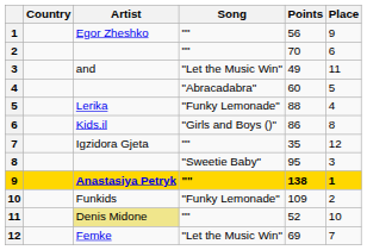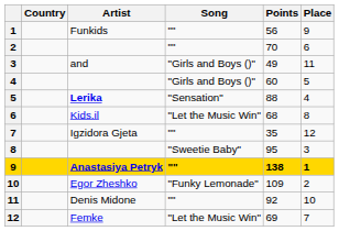 <table class="sortable wikitable plainrowheaders">
 <tr>
 <th scope="col"></th>
 <th scope="col">Country</th>
 <th scope="col">Artist</th>
 <th scope="col">Song</th>
 <th scope="col">Points</th>
 <th scope="col">Place</th>
 </tr>
 <tr>
 <th scope="row" style="text-align:center;">1</th>
 <td></td>
-<td><a href='#'>Egor Zheshko</a></td>
+<td>Funkids</td>
 <td>""</td>
 <td>56</td>
 <td>9</td>
 </tr>
 <tr>
 <th scope="row" style="text-align:center;">2</th>
 <td></td>
 <td></td>
 <td>""</td>
 <td>70</td>
 <td>6</td>
 </tr>
 <tr>
 <th scope="row" style="text-align:center;">3</th>
 <td></td>
 <td> and </td>
-<td>"Let the Music Win"</td>
+<td>"Girls and Boys ()"</td>
 <td>49</td>
 <td>11</td>
 </tr>
 <tr>
 <th scope="row" style="text-align:center;">4</th>
 <td></td>
 <td></td>
-<td>"Abracadabra"</td>
+<td>"Girls and Boys ()"</td>
 <td>60</td>
 <td>5</td>
 </tr>
 <tr>
 <th scope="row" style="text-align:center;">5</th>
 <td></td>
-<td><a href='#'>Lerika</a></td>
-<td>"Funky Lemonade"</td>
+<td><strong><a href='#'>Lerika</a></strong></td>
+<td>"Sensation"</td>
 <td>88</td>
 <td>4</td>
 </tr>
 <tr>
 <th scope="row" style="text-align:center;">6</th>
 <td></td>
 <td><a href='#'>Kids.il</a></td>
-<td>"Girls and Boys ()"</td>
-<td>86</td>
+<td>"Let the Music Win"</td>
+<td>68</td>
 <td>8</td>
 </tr>
 <tr>
 <th scope="row" style="text-align:center;">7</th>
 <td></td>
 <td>Igzidora Gjeta</td>
 <td>""</td>
 <td>35</td>
 <td>12</td>
 </tr>
 <tr>
 <th scope="row" style="text-align:center;">8</th>
 <td></td>
 <td></td>
 <td>"Sweetie Baby"</td>
 <td>95</td>
 <td>3</td>
 </tr>
 <tr style="font-weight:bold; background:gold;">
 <th scope="row" style="text-align:center; font-weight:bold; background:gold;">9</th>
 <td></td>
 <td><a href='#'>Anastasiya Petryk</a></td>
 <td>""</td>
 <td>138</td>
 <td>1</td>
 </tr>
 <tr>
 <th scope="row" style="text-align:center;">10</th>
 <td></td>
-<td>Funkids</td>
+<td><a href='#'>Egor Zheshko</a></td>
 <td>"Funky Lemonade"</td>
 <td>109</td>
 <td>2</td>
 </tr>
 <tr>
 <th scope="row" style="text-align:center;">11</th>
 <td></td>
-<td style="background: khaki;">Denis Midone</td>
+<td>Denis Midone</td>
 <td>""</td>
-<td>52</td>
+<td>92</td>
 <td>10</td>
 </tr>
 <tr>
 <th scope="row" style="text-align:center;">12</th>
 <td></td>
 <td><a href='#'>Femke</a></td>
 <td>"Let the Music Win"</td>
 <td>69</td>
 <td>7</td>
 </tr>
 </table>
